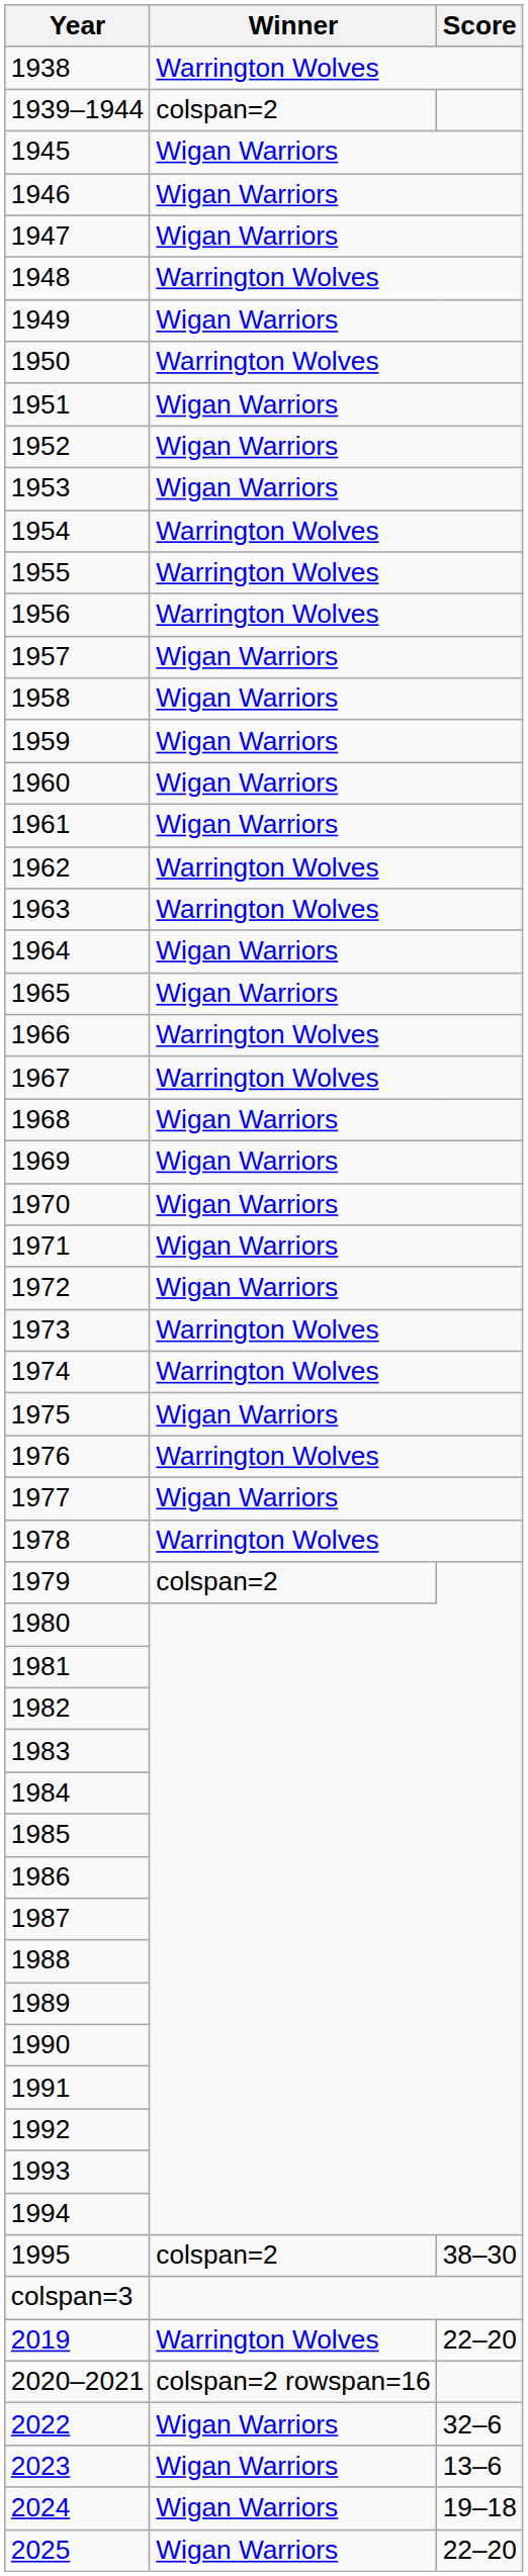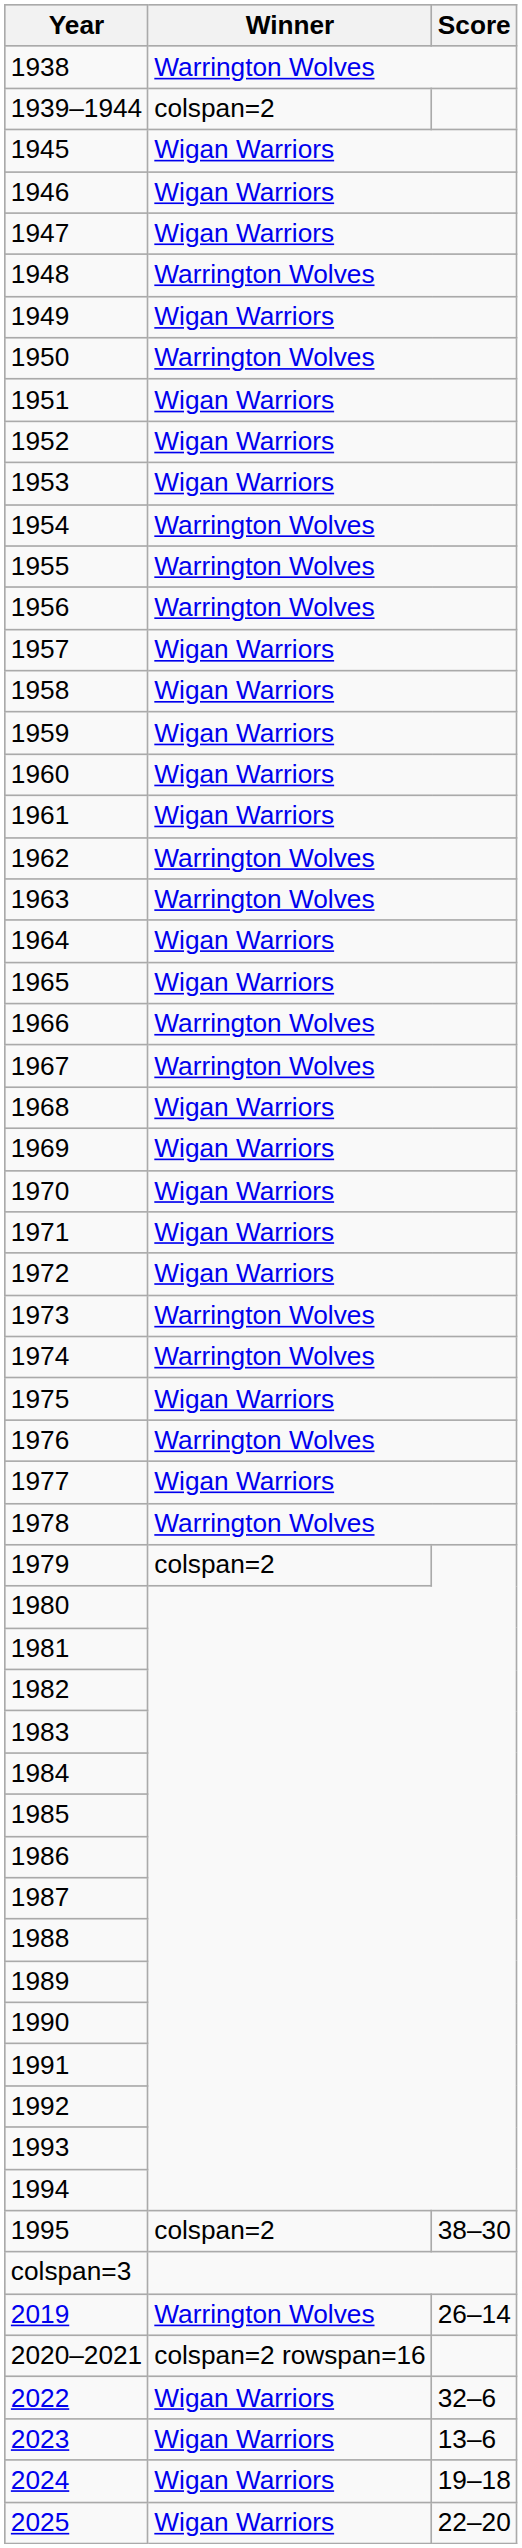 <table class="wikitable">
 <tr>
 <th>Year</th>
 <th>Winner</th>
 <th>Score</th>
 </tr>
 <tr>
 <td>1938</td>
 <td colspan=2> <a href='#'>Warrington Wolves</a></td>
 </tr>
 <tr>
 <td>1939–1944</td>
 <td>colspan=2</td>
 </tr>
 <tr>
 <td>1945</td>
 <td colspan=2> <a href='#'>Wigan Warriors</a></td>
 </tr>
 <tr>
 <td>1946</td>
 <td colspan=2> <a href='#'>Wigan Warriors</a></td>
 </tr>
 <tr>
 <td>1947</td>
 <td colspan=2> <a href='#'>Wigan Warriors</a></td>
 </tr>
 <tr>
 <td>1948</td>
 <td colspan=2> <a href='#'>Warrington Wolves</a></td>
 </tr>
 <tr>
 <td>1949</td>
 <td colspan=2> <a href='#'>Wigan Warriors</a></td>
 </tr>
 <tr>
 <td>1950</td>
 <td colspan=2> <a href='#'>Warrington Wolves</a></td>
 </tr>
 <tr>
 <td>1951</td>
 <td colspan=2> <a href='#'>Wigan Warriors</a></td>
 </tr>
 <tr>
 <td>1952</td>
 <td colspan=2> <a href='#'>Wigan Warriors</a></td>
 </tr>
 <tr>
 <td>1953</td>
 <td colspan=2> <a href='#'>Wigan Warriors</a></td>
 </tr>
 <tr>
 <td>1954</td>
 <td colspan=2> <a href='#'>Warrington Wolves</a></td>
 </tr>
 <tr>
 <td>1955</td>
 <td colspan=2> <a href='#'>Warrington Wolves</a></td>
 </tr>
 <tr>
 <td>1956</td>
 <td colspan=2> <a href='#'>Warrington Wolves</a></td>
 </tr>
 <tr>
 <td>1957</td>
 <td colspan=2> <a href='#'>Wigan Warriors</a></td>
 </tr>
 <tr>
 <td>1958</td>
 <td colspan=2> <a href='#'>Wigan Warriors</a></td>
 </tr>
 <tr>
 <td>1959</td>
 <td colspan=2> <a href='#'>Wigan Warriors</a></td>
 </tr>
 <tr>
 <td>1960</td>
 <td colspan=2> <a href='#'>Wigan Warriors</a></td>
 </tr>
 <tr>
 <td>1961</td>
 <td colspan=2> <a href='#'>Wigan Warriors</a></td>
 </tr>
 <tr>
 <td>1962</td>
 <td colspan=2> <a href='#'>Warrington Wolves</a></td>
 </tr>
 <tr>
 <td>1963</td>
 <td colspan=2> <a href='#'>Warrington Wolves</a></td>
 </tr>
 <tr>
 <td>1964</td>
 <td colspan=2> <a href='#'>Wigan Warriors</a></td>
 </tr>
 <tr>
 <td>1965</td>
 <td colspan=2> <a href='#'>Wigan Warriors</a></td>
 </tr>
 <tr>
 <td>1966</td>
 <td colspan=2> <a href='#'>Warrington Wolves</a></td>
 </tr>
 <tr>
 <td>1967</td>
 <td colspan=2> <a href='#'>Warrington Wolves</a></td>
 </tr>
 <tr>
 <td>1968</td>
 <td colspan=2> <a href='#'>Wigan Warriors</a></td>
 </tr>
 <tr>
 <td>1969</td>
 <td colspan=2> <a href='#'>Wigan Warriors</a></td>
 </tr>
 <tr>
 <td>1970</td>
 <td colspan=2> <a href='#'>Wigan Warriors</a></td>
 </tr>
 <tr>
 <td>1971</td>
 <td colspan=2> <a href='#'>Wigan Warriors</a></td>
 </tr>
 <tr>
 <td>1972</td>
 <td colspan=2> <a href='#'>Wigan Warriors</a></td>
 </tr>
 <tr>
 <td>1973</td>
 <td colspan=2> <a href='#'>Warrington Wolves</a></td>
 </tr>
 <tr>
 <td>1974</td>
 <td colspan=2> <a href='#'>Warrington Wolves</a></td>
 </tr>
 <tr>
 <td>1975</td>
 <td colspan=2> <a href='#'>Wigan Warriors</a></td>
 </tr>
 <tr>
 <td>1976</td>
 <td colspan=2> <a href='#'>Warrington Wolves</a></td>
 </tr>
 <tr>
 <td>1977</td>
 <td colspan=2> <a href='#'>Wigan Warriors</a></td>
 </tr>
 <tr>
 <td>1978</td>
 <td colspan=2> <a href='#'>Warrington Wolves</a></td>
 </tr>
 <tr>
 <td>1979</td>
 <td>colspan=2</td>
 </tr>
 <tr>
 <td>1980</td>
 </tr>
 <tr>
 <td>1981</td>
 </tr>
 <tr>
 <td>1982</td>
 </tr>
 <tr>
 <td>1983</td>
 </tr>
 <tr>
 <td>1984</td>
 </tr>
 <tr>
 <td>1985</td>
 </tr>
 <tr>
 <td>1986</td>
 </tr>
 <tr>
 <td>1987</td>
 </tr>
 <tr>
 <td>1988</td>
 </tr>
 <tr>
 <td>1989</td>
 </tr>
 <tr>
 <td>1990</td>
 </tr>
 <tr>
 <td>1991</td>
 </tr>
 <tr>
 <td>1992</td>
 </tr>
 <tr>
 <td>1993</td>
 </tr>
 <tr>
 <td>1994</td>
 </tr>
 <tr>
 <td>1995</td>
 <td>colspan=2</td>
 <td>38–30</td>
 </tr>
 <tr>
 <td>colspan=3</td>
 </tr>
 <tr>
 <td><a href='#'>2019</a></td>
 <td> <a href='#'>Warrington Wolves</a></td>
-<td>22–20</td>
+<td>26–14</td>
 </tr>
 <tr>
 <td>2020–2021</td>
 <td>colspan=2 rowspan=16</td>
 </tr>
 <tr>
 <td><a href='#'>2022</a></td>
 <td> <a href='#'>Wigan Warriors</a></td>
 <td>32–6</td>
 </tr>
 <tr>
 <td><a href='#'>2023</a></td>
 <td> <a href='#'>Wigan Warriors</a></td>
 <td>13–6</td>
 </tr>
 <tr>
 <td><a href='#'>2024</a></td>
 <td> <a href='#'>Wigan Warriors</a></td>
 <td>19–18</td>
 </tr>
 <tr>
 <td><a href='#'>2025</a></td>
 <td> <a href='#'>Wigan Warriors</a></td>
 <td>22–20</td>
 </tr>
 </table>
